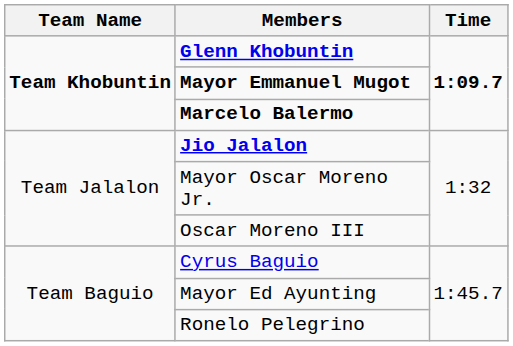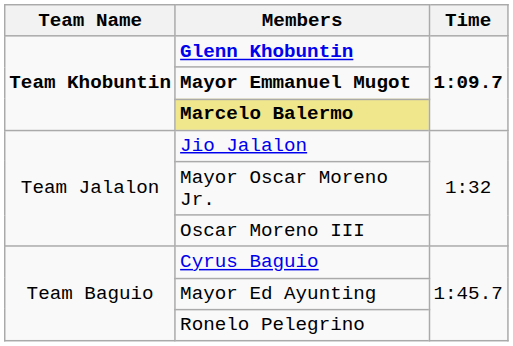 <table class="wikitable">
 <tr>
 <th>Team Name</th>
 <th style="width:165px;">Members</th>
 <th>Time</th>
 </tr>
 <tr>
 <td style="text-align:center;" rowspan=" 3"><strong>Team Khobuntin</strong></td>
 <td><strong><a href='#'>Glenn Khobuntin</a></strong></td>
 <td style="text-align:center;" rowspan="3"><strong>1:09.7</strong></td>
 </tr>
 <tr>
 <td><strong>Mayor Emmanuel Mugot</strong></td>
 </tr>
 <tr>
-<td><strong>Marcelo Balermo</strong></td>
+<td style="background: khaki;"><strong>Marcelo Balermo</strong></td>
 </tr>
 <tr>
 <td style="text-align:center;" rowspan="3">Team Jalalon</td>
-<td><strong><a href='#'>Jio Jalalon</a></strong></td>
+<td><a href='#'>Jio Jalalon</a></td>
 <td style="text-align:center;" rowspan="3">1:32</td>
 </tr>
 <tr>
 <td>Mayor Oscar Moreno Jr.</td>
 </tr>
 <tr>
 <td>Oscar Moreno III</td>
 </tr>
 <tr>
 <td style="text-align:center;" rowspan=" 3">Team Baguio</td>
 <td><a href='#'>Cyrus Baguio</a></td>
 <td style="text-align:center;" rowspan="3">1:45.7</td>
 </tr>
 <tr>
 <td>Mayor Ed Ayunting</td>
 </tr>
 <tr>
 <td>Ronelo Pelegrino</td>
 </tr>
 </table>
